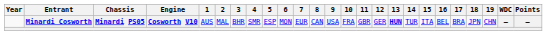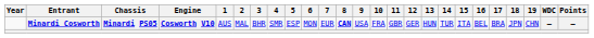 <table class="wikitable" style="text-align:center; font-size:85%">
 <tr>
 <th>Year</th>
 <th>Entrant</th>
 <th>Chassis</th>
 <th>Engine</th>
 <th>1</th>
 <th>2</th>
 <th>3</th>
 <th>4</th>
 <th>5</th>
 <th>6</th>
 <th>7</th>
 <th>8</th>
 <th>9</th>
 <th>10</th>
 <th>11</th>
 <th>12</th>
 <th>13</th>
 <th>14</th>
 <th>15</th>
 <th>16</th>
 <th>17</th>
 <th>18</th>
 <th>19</th>
 <th>WDC</th>
 <th>Points</th>
 </tr>
 <tr>
 <td></td>
 <th nowrap><a href='#'>Minardi Cosworth</a></th>
 <th nowrap><a href='#'>Minardi</a> <a href='#'>PS05</a></th>
 <th nowrap><a href='#'>Cosworth</a> <a href='#'>V10</a></th>
 <td><a href='#'>AUS</a></td>
 <td><a href='#'>MAL</a></td>
 <td><a href='#'>BHR</a></td>
 <td><a href='#'>SMR</a></td>
 <td><a href='#'>ESP</a></td>
 <td><a href='#'>MON</a></td>
 <td><a href='#'>EUR</a></td>
-<td><a href='#'>CAN</a></td>
+<td><strong><a href='#'>CAN</a></strong></td>
 <td><a href='#'>USA</a></td>
 <td><a href='#'>FRA</a></td>
 <td><a href='#'>GBR</a></td>
 <td><a href='#'>GER</a></td>
-<td style="background:#f0f8ff;"><strong><a href='#'>HUN</a><br></strong></td>
+<td style="background:#f0f8ff;"><a href='#'>HUN</a><br></td>
 <td><a href='#'>TUR</a></td>
 <td><a href='#'>ITA</a></td>
 <td><a href='#'>BEL</a></td>
 <td><a href='#'>BRA</a></td>
 <td><a href='#'>JPN</a></td>
 <td><a href='#'>CHN</a></td>
 <th>–</th>
 <th>–</th>
 </tr>
 <tr>
 <th colspan="25"></th>
 </tr>
 </table>
